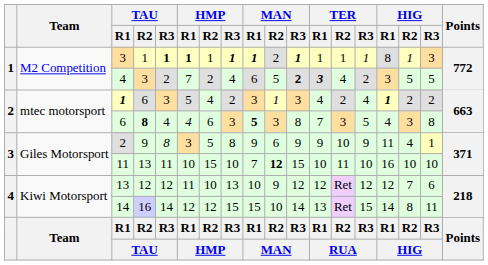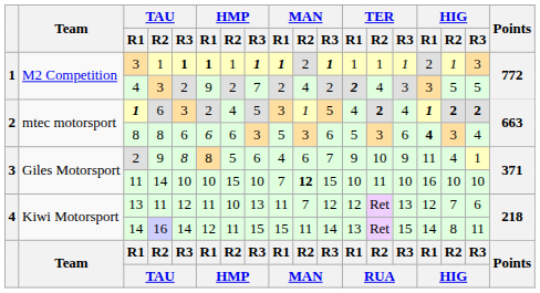 <table class="wikitable" style="font-size:85%; text-align: center">
 <tr>
 <th rowspan="2"></th>
 <th rowspan="2">Team</th>
 <th colspan="3"><a href='#'>TAU</a></th>
 <th colspan="3"><a href='#'>HMP</a></th>
 <th colspan="3"><a href='#'>MAN</a></th>
 <th colspan="3"><a href='#'>TER</a></th>
 <th colspan="3"><a href='#'>HIG</a></th>
 <th rowspan="2">Points</th>
 </tr>
 <tr>
 <th>R1</th>
 <th>R2</th>
 <th>R3</th>
 <th>R1</th>
 <th>R2</th>
 <th>R3</th>
 <th>R1</th>
 <th>R2</th>
 <th>R3</th>
 <th>R1</th>
 <th>R2</th>
 <th>R3</th>
 <th>R1</th>
 <th>R2</th>
 <th>R3</th>
 </tr>
 <tr>
 <th rowspan="2">1</th>
 <td rowspan="2" align="left"><a href='#'>M2 Competition</a></td>
 <td style="background:#FFDF9F;">3</td>
 <td style="background:#FFFFBF;">1</td>
 <td style="background:#FFFFBF;"><strong>1</strong></td>
 <td style="background:#FFFFBF;"><strong>1</strong></td>
 <td style="background:#FFFFBF;">1</td>
 <td style="background:#FFFFBF;"><strong><em>1</em></strong></td>
 <td style="background:#FFFFBF;"><strong><em>1</em></strong></td>
 <td style="background:#DFDFDF;">2</td>
 <td style="background:#FFFFBF;"><strong><em>1</em></strong></td>
 <td style="background:#FFFFBF;">1</td>
 <td style="background:#FFFFBF;">1</td>
 <td style="background:#FFFFBF;"><em>1</em></td>
-<td style="background:#DFDFDF;">8</td>
+<td style="background:#DFDFDF;">2</td>
 <td style="background:#FFFFBF;"><em>1</em></td>
 <td style="background:#FFDF9F;">3</td>
 <th rowspan="2" style="position:sticky; right: 0;">772</th>
 </tr>
 <tr>
 <td style="background:#DFFFDF;">4</td>
 <td style="background:#FFDF9F;">3</td>
 <td style="background:#DFDFDF;">2</td>
+<td style="background:#DFFFDF;">9</td>
+<td style="background:#DFDFDF;">2</td>
 <td style="background:#DFFFDF;">7</td>
 <td style="background:#DFDFDF;">2</td>
 <td style="background:#DFFFDF;">4</td>
-<td style="background:#DFDFDF;">6</td>
-<td style="background:#DFFFDF;">5</td>
-<td style="background:#DFDFDF;"><strong>2</strong></td>
-<td style="background:#DFDFDF;"><strong><em>3</em></strong></td>
+<td style="background:#DFDFDF;">2</td>
+<td style="background:#DFDFDF;"><strong><em>2</em></strong></td>
 <td style="background:#DFFFDF;">4</td>
-<td style="background:#DFDFDF;">2</td>
+<td style="background:#DFDFDF;">3</td>
 <td style="background:#FFDF9F;">3</td>
 <td style="background:#DFFFDF;">5</td>
 <td style="background:#DFFFDF;">5</td>
 </tr>
 <tr>
 <th rowspan="2">2</th>
 <td rowspan="2" align="left">mtec motorsport</td>
 <td style="background:#FFFFBF;"><strong><em>1</em></strong></td>
 <td style="background:#DFDFDF;">6</td>
 <td style="background:#FFDF9F;">3</td>
+<td style="background:#DFDFDF;">2</td>
+<td style="background:#DFFFDF;">4</td>
 <td style="background:#DFDFDF;">5</td>
-<td style="background:#DFFFDF;">4</td>
-<td style="background:#DFDFDF;">2</td>
 <td style="background:#FFDF9F;">3</td>
 <td style="background:#FFFFBF;"><em>1</em></td>
-<td style="background:#FFDF9F;">3</td>
+<td style="background:#FFDF9F;">5</td>
 <td style="background:#DFFFDF;">4</td>
-<td style="background:#DFDFDF;">2</td>
+<td style="background:#DFDFDF;"><strong>2</strong></td>
 <td style="background:#DFFFDF;">4</td>
 <td style="background:#FFFFBF;"><strong><em>1</em></strong></td>
-<td style="background:#DFDFDF;">2</td>
-<td style="background:#DFDFDF;">2</td>
+<td style="background:#DFDFDF;"><strong>2</strong></td>
+<td style="background:#DFDFDF;"><strong>2</strong></td>
 <th rowspan="2" style="position:sticky; right: 0;">663</th>
 </tr>
 <tr>
+<td style="background:#DFFFDF;">8</td>
+<td style="background:#DFFFDF;">8</td>
 <td style="background:#DFFFDF;">6</td>
-<td style="background:#DFFFDF;"><strong>8</strong></td>
-<td style="background:#DFFFDF;">4</td>
-<td style="background:#DFFFDF;"><em>4</em></td>
+<td style="background:#DFFFDF;"><em>6</em></td>
 <td style="background:#DFFFDF;">6</td>
 <td style="background:#FFDF9F;">3</td>
-<td style="background:#DFFFDF;"><strong>5</strong></td>
+<td style="background:#DFFFDF;">5</td>
 <td style="background:#FFDF9F;">3</td>
-<td style="background:#DFFFDF;">8</td>
-<td style="background:#DFFFDF;">7</td>
+<td style="background:#DFFFDF;">6</td>
+<td style="background:#DFFFDF;">5</td>
 <td style="background:#FFDF9F;">3</td>
-<td style="background:#DFFFDF;">5</td>
+<td style="background:#DFFFDF;">6</td>
+<td style="background:#DFFFDF;"><strong>4</strong></td>
+<td style="background:#FFDF9F;">3</td>
 <td style="background:#DFFFDF;">4</td>
-<td style="background:#FFDF9F;">3</td>
-<td style="background:#DFFFDF;">8</td>
 </tr>
 <tr>
 <th rowspan="2">3</th>
 <td rowspan="2" align="left">Giles Motorsport</td>
 <td style="background:#DFDFDF;">2</td>
 <td style="background:#DFFFDF;">9</td>
 <td style="background:#DFFFDF;"><em>8</em></td>
-<td style="background:#FFDF9F;">3</td>
+<td style="background:#FFDF9F;">8</td>
 <td style="background:#DFFFDF;">5</td>
-<td style="background:#DFFFDF;">8</td>
-<td style="background:#DFFFDF;">9</td>
 <td style="background:#DFFFDF;">6</td>
-<td style="background:#DFFFDF;">9</td>
+<td style="background:#DFFFDF;">4</td>
+<td style="background:#DFFFDF;">6</td>
+<td style="background:#DFFFDF;">7</td>
 <td style="background:#DFFFDF;">9</td>
 <td style="background:#DFFFDF;">10</td>
 <td style="background:#DFFFDF;">9</td>
 <td style="background:#DFFFDF;">11</td>
 <td style="background:#DFFFDF;">4</td>
 <td style="background:#FFFFBF;">1</td>
 <th rowspan="2" style="position:sticky; right: 0;">371</th>
 </tr>
 <tr>
 <td style="background:#DFFFDF;">11</td>
-<td style="background:#DFFFDF;">13</td>
-<td style="background:#DFFFDF;">11</td>
+<td style="background:#DFFFDF;">14</td>
+<td style="background:#DFFFDF;">10</td>
 <td style="background:#DFFFDF;">10</td>
 <td style="background:#DFFFDF;">15</td>
 <td style="background:#DFFFDF;">10</td>
 <td style="background:#DFFFDF;">7</td>
 <td style="background:#DFFFDF;"><strong>12</strong></td>
 <td style="background:#DFFFDF;">15</td>
 <td style="background:#DFFFDF;">10</td>
 <td style="background:#DFFFDF;">11</td>
 <td style="background:#DFFFDF;">10</td>
 <td style="background:#DFFFDF;">16</td>
 <td style="background:#DFFFDF;">10</td>
 <td style="background:#DFFFDF;">10</td>
 </tr>
 <tr>
 <th rowspan="2">4</th>
 <td rowspan="2" align="left">Kiwi Motorsport</td>
 <td style="background:#DFFFDF;">13</td>
-<td style="background:#DFFFDF;">12</td>
+<td style="background:#DFFFDF;">11</td>
 <td style="background:#DFFFDF;">12</td>
 <td style="background:#DFFFDF;">11</td>
 <td style="background:#DFFFDF;">10</td>
 <td style="background:#DFFFDF;">13</td>
-<td style="background:#DFFFDF;">10</td>
-<td style="background:#DFFFDF;">9</td>
+<td style="background:#DFFFDF;">11</td>
+<td style="background:#DFFFDF;">7</td>
 <td style="background:#DFFFDF;">12</td>
 <td style="background:#DFFFDF;">12</td>
 <td style="background:#efcfff;">Ret</td>
-<td style="background:#DFFFDF;">12</td>
+<td style="background:#DFFFDF;">13</td>
 <td style="background:#DFFFDF;">12</td>
 <td style="background:#DFFFDF;">7</td>
 <td style="background:#DFFFDF;">6</td>
 <th rowspan="2" style="position:sticky; right: 0;">218</th>
 </tr>
 <tr>
 <td style="background:#DFFFDF;">14</td>
 <td style="background:#CFCFFF;">16</td>
 <td style="background:#DFFFDF;">14</td>
 <td style="background:#DFFFDF;">12</td>
-<td style="background:#DFFFDF;">12</td>
+<td style="background:#DFFFDF;">11</td>
 <td style="background:#DFFFDF;">15</td>
 <td style="background:#DFFFDF;">15</td>
-<td style="background:#DFFFDF;">10</td>
+<td style="background:#DFFFDF;">11</td>
 <td style="background:#DFFFDF;">14</td>
 <td style="background:#DFFFDF;">13</td>
 <td style="background:#efcfff;">Ret</td>
 <td style="background:#DFFFDF;">15</td>
 <td style="background:#DFFFDF;">14</td>
 <td style="background:#DFFFDF;">8</td>
 <td style="background:#DFFFDF;">11</td>
 </tr>
 <tr>
 <th rowspan="2"></th>
 <th rowspan="2">Team</th>
 <th>R1</th>
 <th>R2</th>
 <th>R3</th>
 <th>R1</th>
 <th>R2</th>
 <th>R3</th>
 <th>R1</th>
 <th>R2</th>
 <th>R3</th>
 <th>R1</th>
 <th>R2</th>
 <th>R3</th>
 <th>R1</th>
 <th>R2</th>
 <th>R3</th>
 <th rowspan="2">Points</th>
 </tr>
 <tr>
 <th colspan="3"><a href='#'>TAU</a></th>
 <th colspan="3"><a href='#'>HMP</a></th>
 <th colspan="3"><a href='#'>MAN</a></th>
 <th colspan="3"><a href='#'>RUA</a></th>
 <th colspan="3"><a href='#'>HIG</a></th>
 </tr>
 </table>
